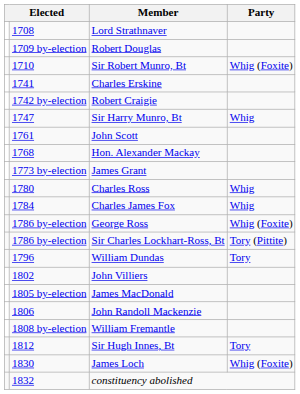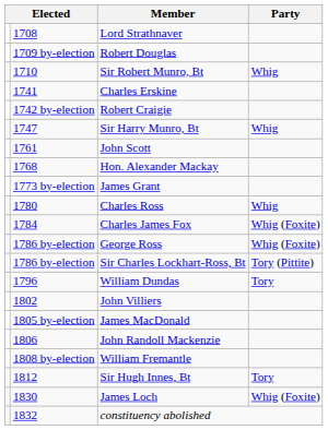 <table class="wikitable">
 <tr>
 <th colspan="2">Elected</th>
 <th>Member</th>
 <th>Party</th>
 </tr>
 <tr>
 <td style="color:inherit;background-color: white"></td>
 <td><a href='#'>1708</a></td>
 <td><a href='#'>Lord Strathnaver</a></td>
 <td></td>
 </tr>
 <tr>
 <td style="color:inherit;background-color: white"></td>
 <td><a href='#'>1709 by-election</a></td>
 <td><a href='#'>Robert Douglas</a></td>
 <td></td>
 </tr>
 <tr>
 <td style="color:inherit;background-color: "></td>
 <td><a href='#'>1710</a></td>
 <td><a href='#'>Sir Robert Munro, Bt</a></td>
-<td><a href='#'>Whig</a> (<a href='#'>Foxite</a>)</td>
+<td><a href='#'>Whig</a></td>
 </tr>
 <tr>
 <td style="color:inherit;background-color: white"></td>
 <td><a href='#'>1741</a></td>
 <td><a href='#'>Charles Erskine</a></td>
 <td></td>
 </tr>
 <tr>
 <td style="color:inherit;background-color: white"></td>
 <td><a href='#'>1742 by-election</a></td>
 <td><a href='#'>Robert Craigie</a></td>
 <td></td>
 </tr>
 <tr>
 <td style="color:inherit;background-color: "></td>
 <td><a href='#'>1747</a></td>
 <td><a href='#'>Sir Harry Munro, Bt</a></td>
 <td><a href='#'>Whig</a></td>
 </tr>
 <tr>
 <td style="color:inherit;background-color: white"></td>
 <td><a href='#'>1761</a></td>
 <td><a href='#'>John Scott</a></td>
 <td></td>
 </tr>
 <tr>
 <td style="color:inherit;background-color: white"></td>
 <td><a href='#'>1768</a></td>
 <td><a href='#'>Hon. Alexander Mackay</a></td>
 <td></td>
 </tr>
 <tr>
 <td style="color:inherit;background-color: white"></td>
 <td><a href='#'>1773 by-election</a></td>
 <td><a href='#'>James Grant</a></td>
 <td></td>
 </tr>
 <tr>
 <td style="color:inherit;background-color: "></td>
 <td><a href='#'>1780</a></td>
 <td><a href='#'>Charles Ross</a></td>
 <td><a href='#'>Whig</a></td>
 </tr>
 <tr>
 <td style="color:inherit;background-color: "></td>
 <td><a href='#'>1784</a></td>
 <td><a href='#'>Charles James Fox</a></td>
-<td><a href='#'>Whig</a></td>
+<td><a href='#'>Whig</a> (<a href='#'>Foxite</a>)</td>
 </tr>
 <tr>
 <td style="color:inherit;background-color: "></td>
 <td><a href='#'>1786 by-election</a></td>
 <td><a href='#'>George Ross</a></td>
 <td><a href='#'>Whig</a> (<a href='#'>Foxite</a>)</td>
 </tr>
 <tr>
 <td style="color:inherit;background-color: "></td>
 <td><a href='#'>1786 by-election</a></td>
 <td><a href='#'>Sir Charles Lockhart-Ross, Bt</a></td>
 <td><a href='#'>Tory</a> (<a href='#'>Pittite</a>)</td>
 </tr>
 <tr>
 <td style="color:inherit;background-color: "></td>
 <td><a href='#'>1796</a></td>
 <td><a href='#'>William Dundas</a></td>
 <td><a href='#'>Tory</a></td>
 </tr>
 <tr>
 <td style="color:inherit;background-color: white"></td>
 <td><a href='#'>1802</a></td>
 <td><a href='#'>John Villiers</a></td>
 <td></td>
 </tr>
 <tr>
 <td style="color:inherit;background-color: white"></td>
 <td><a href='#'>1805 by-election</a></td>
 <td><a href='#'>James MacDonald</a></td>
 <td></td>
 </tr>
 <tr>
 <td style="color:inherit;background-color: white"></td>
 <td><a href='#'>1806</a></td>
 <td><a href='#'>John Randoll Mackenzie</a></td>
 <td></td>
 </tr>
 <tr>
 <td style="color:inherit;background-color: white"></td>
 <td><a href='#'>1808 by-election</a></td>
 <td><a href='#'>William Fremantle</a></td>
 <td></td>
 </tr>
 <tr>
 <td style="color:inherit;background-color: "></td>
 <td><a href='#'>1812</a></td>
 <td><a href='#'>Sir Hugh Innes, Bt</a></td>
 <td><a href='#'>Tory</a></td>
 </tr>
 <tr>
 <td style="color:inherit;background-color: "></td>
 <td><a href='#'>1830</a></td>
 <td><a href='#'>James Loch</a></td>
 <td><a href='#'>Whig</a> (<a href='#'>Foxite</a>)</td>
 </tr>
 <tr>
 <td></td>
 <td><a href='#'>1832</a></td>
 <td colspan="2"><em>constituency abolished</em></td>
 </tr>
 </table>
